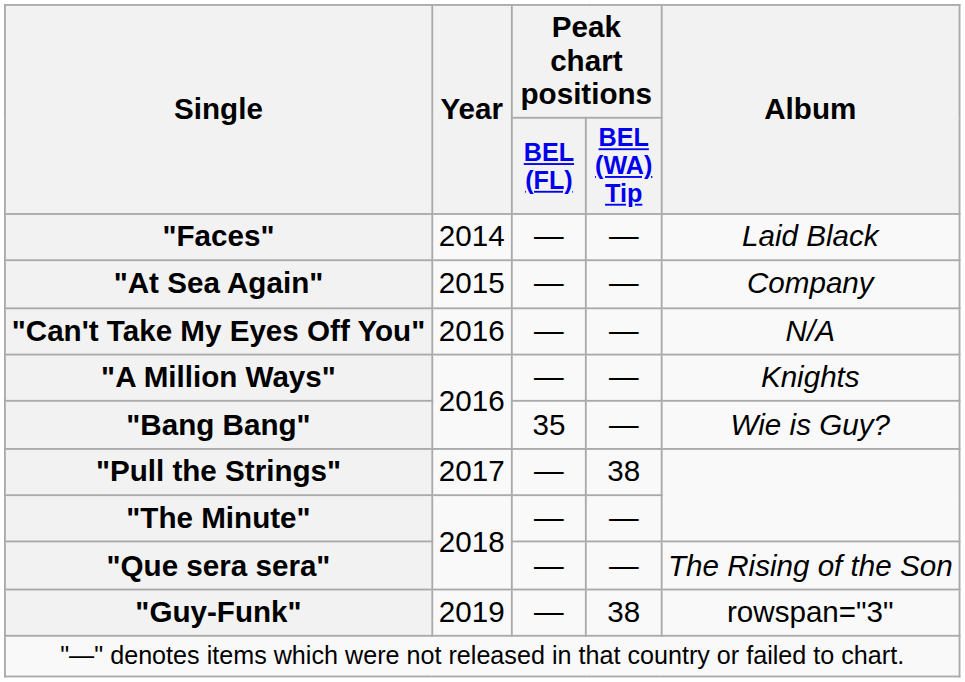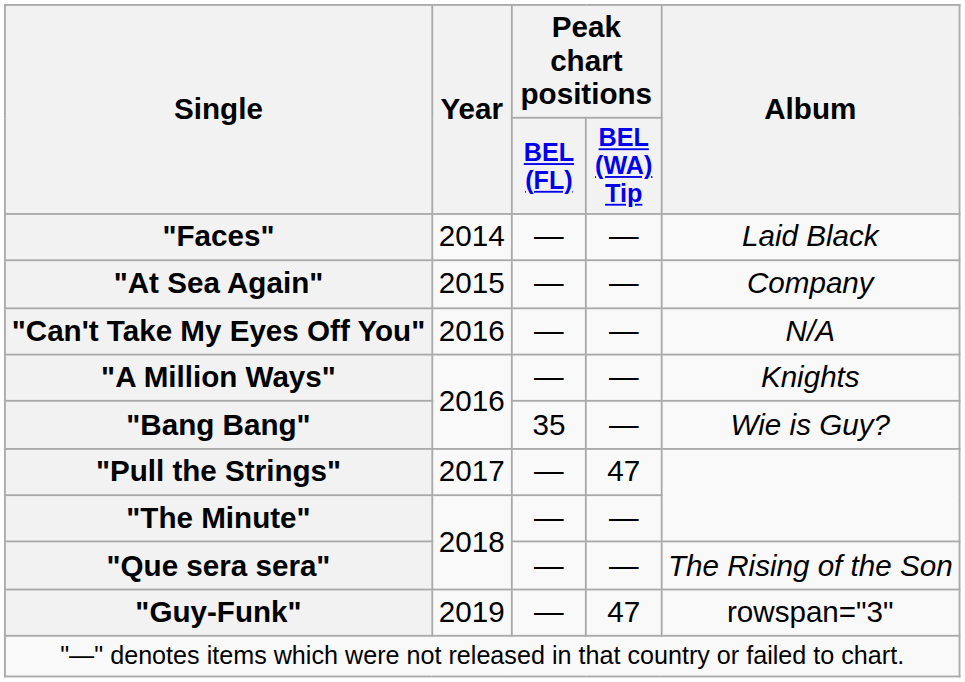 <table class="wikitable plainrowheaders" style="text-align:center;">
 <tr>
 <th scope="col" rowspan="2">Single</th>
 <th scope="col" rowspan="2">Year</th>
 <th scope="col" colspan="2">Peak chart positions</th>
 <th scope="col" rowspan="2">Album</th>
 </tr>
 <tr>
 <th scope="col" style="width:2.5em;font-size:85%;"><a href='#'>BEL<br>(FL)</a><br></th>
 <th scope="col" style="width:2.5em;font-size:85%;"><a href='#'>BEL<br>(WA)<br>Tip</a><br></th>
 </tr>
 <tr>
 <th scope="row">"Faces"<br></th>
 <td>2014</td>
 <td>—</td>
 <td>—</td>
 <td><em>Laid Black</em></td>
 </tr>
 <tr>
 <th scope="row">"At Sea Again"<br></th>
 <td>2015</td>
 <td>—</td>
 <td>—</td>
 <td><em>Company</em></td>
 </tr>
 <tr>
 <th scope="row">"Can't Take My Eyes Off You"<br></th>
 <td>2016</td>
 <td>—</td>
 <td>—</td>
 <td><em>N/A</em></td>
 </tr>
 <tr>
 <th scope="row">"A Million Ways"<br></th>
 <td rowspan="2">2016</td>
 <td>—</td>
 <td>—</td>
 <td><em>Knights</em></td>
 </tr>
 <tr>
 <th scope="row">"Bang Bang"<br></th>
 <td>35</td>
 <td>—</td>
 <td><em>Wie is Guy? </em></td>
 </tr>
 <tr>
 <th scope="row">"Pull the Strings"<br></th>
 <td>2017</td>
 <td>—</td>
-<td>38</td>
+<td>47</td>
 </tr>
 <tr>
 <th scope="row">"The Minute"<br></th>
 <td rowspan="2">2018</td>
 <td>—</td>
 <td>—</td>
 </tr>
 <tr>
 <th scope="row">"Que sera sera"<br></th>
 <td>—</td>
 <td>—</td>
 <td><em>The Rising of the Son</em></td>
 </tr>
 <tr>
 <th scope="row">"Guy-Funk"<br></th>
 <td>2019</td>
 <td>—</td>
-<td>38</td>
+<td>47</td>
 <td>rowspan="3" </td>
 </tr>
 <tr>
 <td colspan="7" style="font-size:85%;">"—" denotes items which were not released in that country or failed to chart.</td>
 </tr>
 </table>
